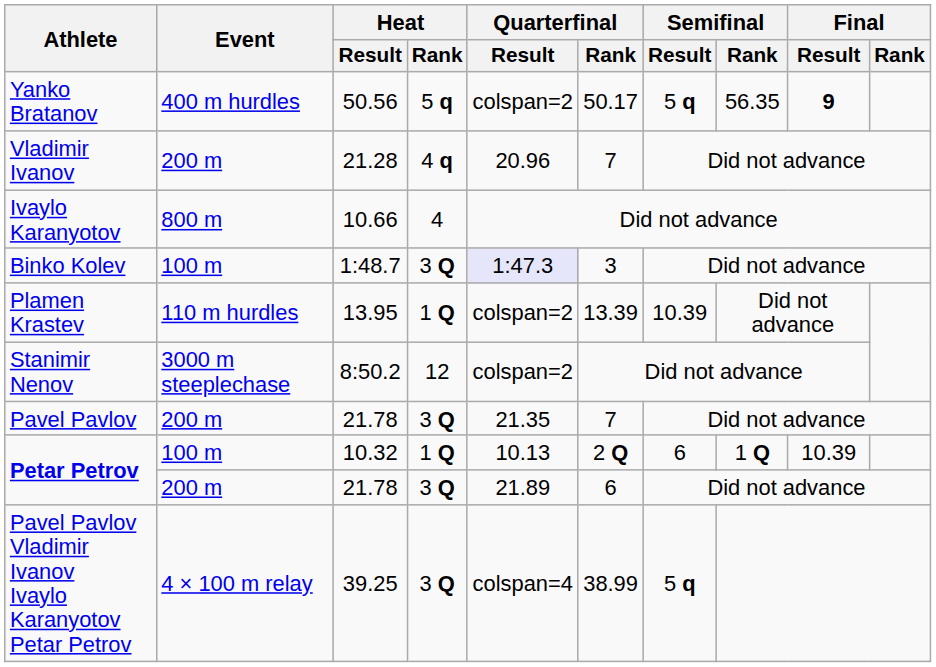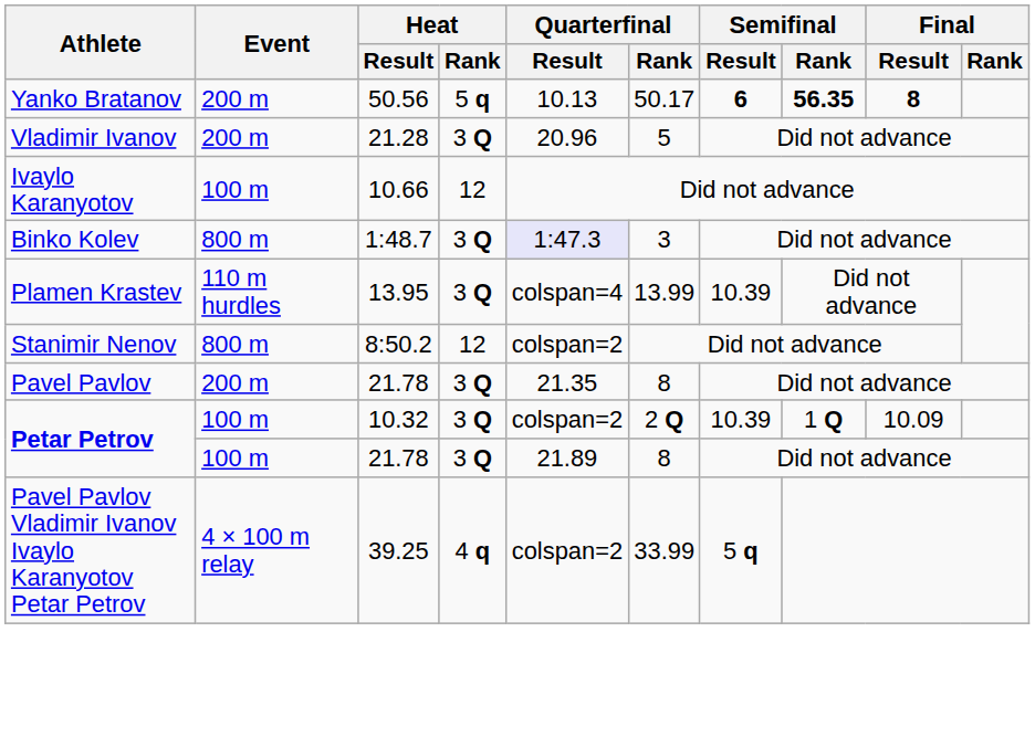 <table class="wikitable" style="font-size:90%">
 <tr>
 <th rowspan="2">Athlete</th>
 <th rowspan="2">Event</th>
 <th colspan="2">Heat</th>
 <th colspan="2">Quarterfinal</th>
 <th colspan="2">Semifinal</th>
 <th colspan="2">Final</th>
 </tr>
 <tr style="font-size:95%">
 <th>Result</th>
 <th>Rank</th>
 <th>Result</th>
 <th>Rank</th>
 <th>Result</th>
 <th>Rank</th>
 <th>Result</th>
 <th>Rank</th>
 </tr>
 <tr align=center>
 <td style="text-align:left;"><a href='#'>Yanko Bratanov</a></td>
-<td align=left><a href='#'>400 m hurdles</a></td>
+<td align=left><a href='#'>200 m</a></td>
 <td>50.56</td>
 <td>5 <strong>q</strong></td>
-<td>colspan=2 </td>
+<td>10.13</td>
 <td>50.17</td>
-<td>5 <strong>q</strong></td>
-<td>56.35</td>
-<td><strong>9</strong></td>
+<td><strong>6</strong></td>
+<td><strong>56.35</strong></td>
+<td><strong>8</strong></td>
 </tr>
 <tr align=center>
 <td align=left><a href='#'>Vladimir Ivanov</a></td>
 <td align=left><a href='#'>200 m</a></td>
 <td>21.28</td>
-<td>4 <strong>q</strong></td>
+<td>3 <strong>Q</strong></td>
 <td>20.96</td>
-<td>7</td>
+<td>5</td>
 <td colspan=4>Did not advance</td>
 </tr>
 <tr align=center>
 <td align=left><a href='#'>Ivaylo Karanyotov</a></td>
-<td align=left><a href='#'>800 m</a></td>
+<td align=left><a href='#'>100 m</a></td>
 <td>10.66</td>
-<td>4</td>
+<td>12</td>
 <td colspan=6>Did not advance</td>
 </tr>
 <tr align=center>
 <td align=left><a href='#'>Binko Kolev</a></td>
-<td align=left><a href='#'>100 m</a></td>
+<td align=left><a href='#'>800 m</a></td>
 <td>1:48.7</td>
 <td>3 <strong>Q</strong></td>
 <td style="background: lavender;">1:47.3</td>
 <td>3</td>
 <td colspan=4>Did not advance</td>
 </tr>
 <tr align=center>
 <td style="text-align:left;"><a href='#'>Plamen Krastev</a></td>
 <td align=left><a href='#'>110 m hurdles</a></td>
 <td>13.95</td>
-<td>1 <strong>Q</strong></td>
-<td>colspan=2 </td>
-<td>13.39</td>
+<td>3 <strong>Q</strong></td>
+<td>colspan=4 </td>
+<td>13.99</td>
 <td>10.39</td>
 <td colspan=2>Did not advance</td>
 </tr>
 <tr align=center>
 <td align=left><a href='#'>Stanimir Nenov</a></td>
-<td align=left><a href='#'>3000 m steeplechase</a></td>
+<td align=left><a href='#'>800 m</a></td>
 <td>8:50.2</td>
 <td>12</td>
 <td>colspan=2 </td>
 <td colspan=4>Did not advance</td>
 </tr>
 <tr align=center>
 <td style="text-align:left;"><a href='#'>Pavel Pavlov</a></td>
 <td align=left><a href='#'>200 m</a></td>
 <td>21.78</td>
 <td>3 <strong>Q</strong></td>
 <td>21.35</td>
-<td>7</td>
+<td>8</td>
 <td colspan=4>Did not advance</td>
 </tr>
 <tr align=center>
 <td style="text-align:left;" rowspan="2"><strong><a href='#'>Petar Petrov</a></strong></td>
 <td align=left><a href='#'>100 m</a></td>
 <td>10.32</td>
+<td>3 <strong>Q</strong></td>
+<td>colspan=2 </td>
+<td>2 <strong>Q</strong></td>
+<td>10.39</td>
 <td>1 <strong>Q</strong></td>
-<td>10.13</td>
-<td>2 <strong>Q</strong></td>
-<td>6</td>
-<td>1 <strong>Q</strong></td>
-<td>10.39</td>
+<td>10.09</td>
 <td></td>
 </tr>
 <tr align=center>
-<td align=left><a href='#'>200 m</a></td>
+<td align=left><a href='#'>100 m</a></td>
 <td>21.78</td>
 <td>3 <strong>Q</strong></td>
 <td>21.89</td>
-<td>6</td>
+<td>8</td>
 <td colspan=4>Did not advance</td>
 </tr>
 <tr align=center>
 <td align=left><a href='#'>Pavel Pavlov</a><br><a href='#'>Vladimir Ivanov</a><br> <a href='#'>Ivaylo Karanyotov</a><br><a href='#'>Petar Petrov</a></td>
 <td align=left><a href='#'>4 × 100 m relay</a></td>
 <td>39.25</td>
-<td>3 <strong>Q</strong></td>
-<td>colspan=4 </td>
-<td>38.99</td>
+<td>4 <strong>q</strong></td>
+<td>colspan=2 </td>
+<td>33.99</td>
 <td>5 <strong>q</strong></td>
 </tr>
 </table>
